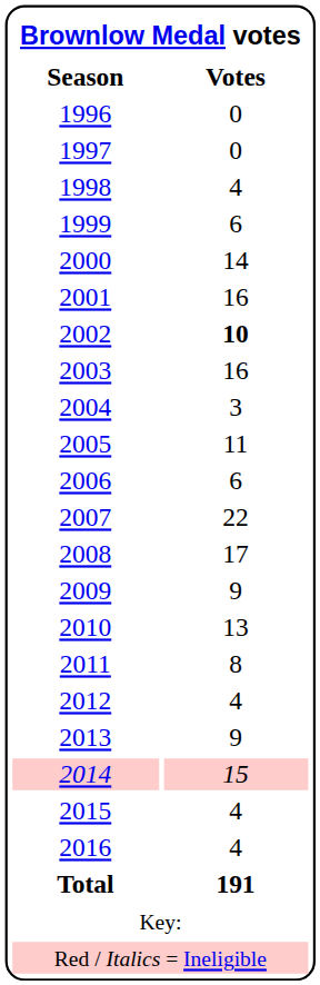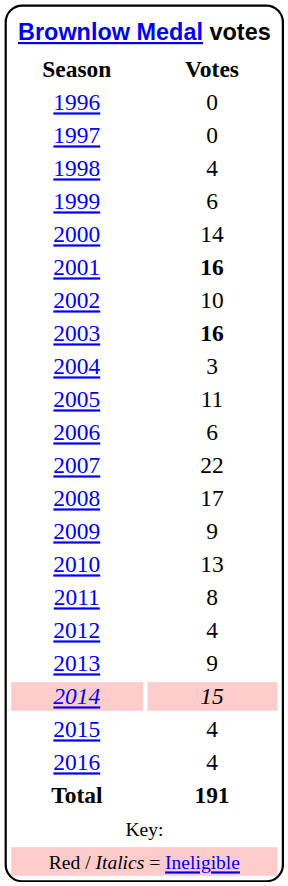 <table style="margin-right:4px; margin-top:8px; float:right; border:1px #000 solid; border-radius:8px; background:#fff; font-family:Verdana; font-size:8pt; text-align:center;">
 <tr style="background:#fff;">
 <td colspan="2;" style="padding:3px; margin-bottom:-3px; margin-top:2px; font-family:Arial;"><strong><a href='#'>Brownlow Medal</a> votes</strong></td>
 </tr>
 <tr>
 <th style="width:50%;">Season</th>
 <th style="width:50%;">Votes</th>
 </tr>
 <tr>
 <td><a href='#'>1996</a></td>
 <td>0</td>
 </tr>
 <tr>
 <td><a href='#'>1997</a></td>
 <td>0</td>
 </tr>
 <tr>
 <td><a href='#'>1998</a></td>
 <td>4</td>
 </tr>
 <tr>
 <td><a href='#'>1999</a></td>
 <td>6</td>
 </tr>
 <tr>
 <td><a href='#'>2000</a></td>
 <td>14</td>
 </tr>
 <tr>
 <td><a href='#'>2001</a></td>
-<td>16</td>
+<td><strong>16</strong></td>
 </tr>
 <tr>
 <td><a href='#'>2002</a></td>
-<td><strong>10</strong></td>
+<td>10</td>
 </tr>
 <tr>
 <td><a href='#'>2003</a></td>
-<td>16</td>
+<td><strong>16</strong></td>
 </tr>
 <tr>
 <td><a href='#'>2004</a></td>
 <td>3</td>
 </tr>
 <tr>
 <td><a href='#'>2005</a></td>
 <td>11</td>
 </tr>
 <tr>
 <td><a href='#'>2006</a></td>
 <td>6</td>
 </tr>
 <tr>
 <td><a href='#'>2007</a></td>
 <td>22</td>
 </tr>
 <tr>
 <td><a href='#'>2008</a></td>
 <td>17</td>
 </tr>
 <tr>
 <td><a href='#'>2009</a></td>
 <td>9</td>
 </tr>
 <tr>
 <td><a href='#'>2010</a></td>
 <td>13</td>
 </tr>
 <tr>
 <td><a href='#'>2011</a></td>
 <td>8</td>
 </tr>
 <tr>
 <td><a href='#'>2012</a></td>
 <td>4</td>
 </tr>
 <tr>
 <td><a href='#'>2013</a></td>
 <td>9</td>
 </tr>
 <tr style="background:#FFCCCC;">
 <td><em><a href='#'>2014</a></em></td>
 <td><em>15</em></td>
 </tr>
 <tr>
 <td><a href='#'>2015</a></td>
 <td>4</td>
 </tr>
 <tr>
 <td><a href='#'>2016</a></td>
 <td>4</td>
 </tr>
 <tr>
 <td><strong>Total</strong></td>
 <td><strong>191</strong></td>
 </tr>
 <tr>
 <td colspan=2><small>Key:</small></td>
 </tr>
 <tr style="background-color:#FFCCCC; border:1px solid #aaaaaa; width:2em;">
 <td colspan=2><small>Red / <em>Italics</em> = <a href='#'>Ineligible</a></small></td>
 </tr>
 </table>
